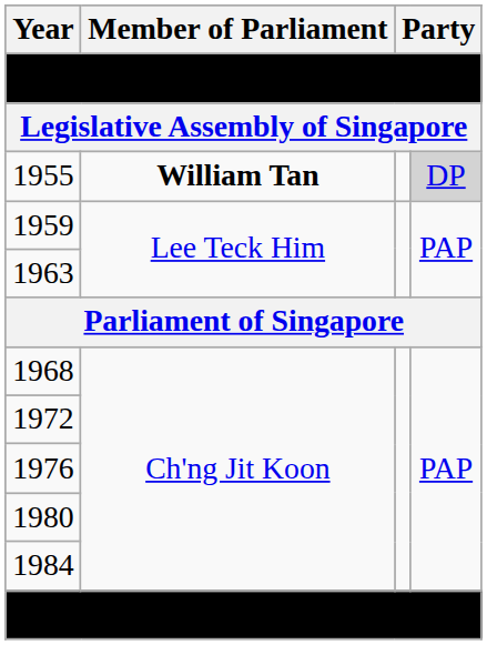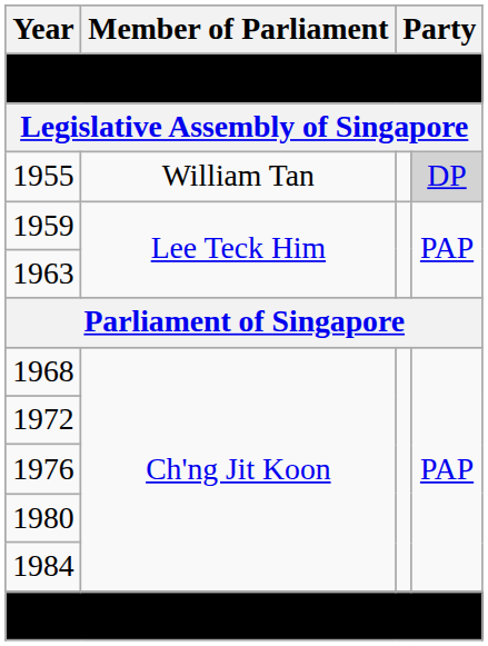 <table class="wikitable" align="center" style="text-align:center">
 <tr>
 <th>Year</th>
 <th>Member of Parliament</th>
 <th colspan="2">Party</th>
 </tr>
 <tr>
 <td colspan=4 bgcolor=black><span><strong>Formation (1955)</strong></span></td>
 </tr>
 <tr>
 <th colspan="4"><a href='#'><strong>Legislative Assembly of Singapore</strong></a></th>
 </tr>
 <tr>
 <td>1955</td>
-<td><strong>William Tan</strong></td>
+<td>William Tan</td>
 <td></td>
 <td style="background: lightgrey;"><a href='#'>DP</a></td>
 </tr>
 <tr>
 <td>1959</td>
 <td rowspan="2"><a href='#'>Lee Teck Him</a></td>
 <td rowspan="2"></td>
 <td rowspan="2"><a href='#'>PAP</a></td>
 </tr>
 <tr>
 <td>1963</td>
 </tr>
 <tr>
 <th colspan="4"><a href='#'><strong>Parliament of Singapore</strong></a></th>
 </tr>
 <tr>
 <td>1968</td>
 <td rowspan="5"><a href='#'>Ch'ng Jit Koon</a></td>
 <td rowspan="5"></td>
 <td rowspan="5"><a href='#'>PAP</a></td>
 </tr>
 <tr>
 <td>1972</td>
 </tr>
 <tr>
 <td>1976</td>
 </tr>
 <tr>
 <td>1980</td>
 </tr>
 <tr>
 <td>1984</td>
 </tr>
 <tr>
 <td colspan=4 bgcolor=black><span><strong>Constituency abolished (1988)</strong></span></td>
 </tr>
 </table>
